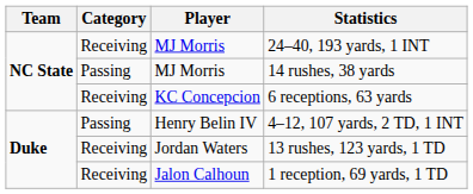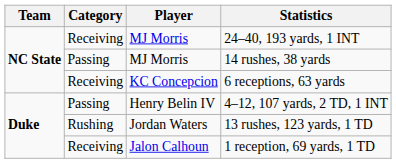 <table class="wikitable" style="float: right;">
 <tr>
 <th>Team</th>
 <th>Category</th>
 <th>Player</th>
 <th>Statistics</th>
 </tr>
 <tr>
 <td rowspan=3><strong>NC State</strong></td>
 <td>Receiving</td>
 <td><a href='#'>MJ Morris</a></td>
 <td>24–40, 193 yards, 1 INT</td>
 </tr>
 <tr>
 <td>Passing</td>
 <td>MJ Morris</td>
 <td>14 rushes, 38 yards</td>
 </tr>
 <tr>
 <td>Receiving</td>
 <td><a href='#'>KC Concepcion</a></td>
 <td>6 receptions, 63 yards</td>
 </tr>
 <tr>
 <td rowspan=3><strong>Duke</strong></td>
 <td>Passing</td>
 <td>Henry Belin IV</td>
 <td>4–12, 107 yards, 2 TD, 1 INT</td>
 </tr>
 <tr>
-<td>Receiving</td>
+<td>Rushing</td>
 <td>Jordan Waters</td>
 <td>13 rushes, 123 yards, 1 TD</td>
 </tr>
 <tr>
 <td>Receiving</td>
 <td><a href='#'>Jalon Calhoun</a></td>
 <td>1 reception, 69 yards, 1 TD</td>
 </tr>
 </table>
